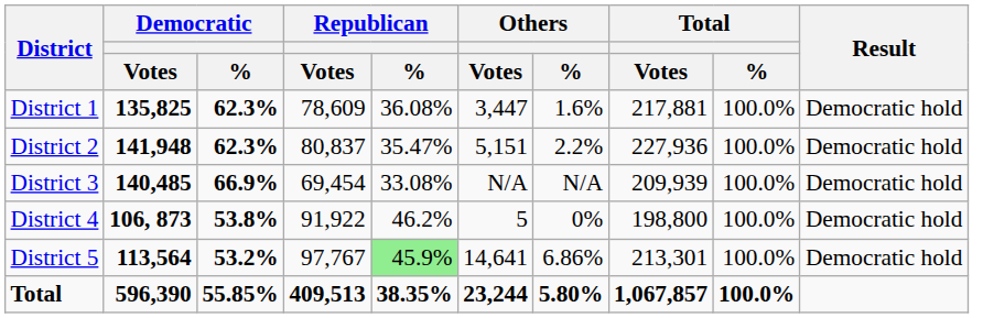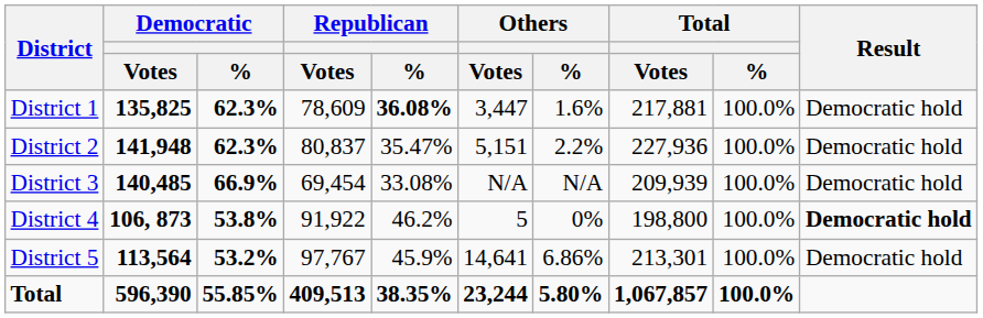 <table class="wikitable plainrowheaders sortable" style="font-size:100%; text-align:right;">
 <tr>
 <th scope=col rowspan=3><a href='#'>District</a></th>
 <th scope=col colspan=2><a href='#'>Democratic</a></th>
 <th scope=col colspan=2><a href='#'>Republican</a></th>
 <th scope=col colspan=2>Others</th>
 <th scope=col colspan=2>Total</th>
 <th scope=col rowspan=3>Result</th>
 </tr>
 <tr>
 <th scope=col colspan=2 style="background:"></th>
 <th scope=col colspan=2 style="background:"></th>
 <th scope=col colspan=2></th>
 <th scope=col colspan=2></th>
 </tr>
 <tr>
 <th scope=col data-sort-type="number">Votes</th>
 <th scope=col data-sort-type="number">%</th>
 <th scope=col data-sort-type="number">Votes</th>
 <th scope=col data-sort-type="number">%</th>
 <th scope=col data-sort-type="number">Votes</th>
 <th scope=col data-sort-type="number">%</th>
 <th scope=col data-sort-type="number">Votes</th>
 <th scope=col data-sort-type="number">%</th>
 </tr>
 <tr>
 <td align=left><a href='#'>District 1</a></td>
 <td><strong>135,825</strong></td>
 <td><strong>62.3%</strong></td>
 <td>78,609</td>
-<td>36.08%</td>
+<td><strong>36.08%</strong></td>
 <td>3,447</td>
 <td>1.6%</td>
 <td>217,881</td>
 <td>100.0%</td>
 <td align=left>Democratic hold</td>
 </tr>
 <tr>
 <td align=left><a href='#'>District 2</a></td>
 <td><strong>141,948</strong></td>
 <td><strong>62.3%</strong></td>
 <td>80,837</td>
 <td>35.47%</td>
 <td>5,151</td>
 <td>2.2%</td>
 <td>227,936</td>
 <td>100.0%</td>
 <td align=left>Democratic hold</td>
 </tr>
 <tr>
 <td align=left><a href='#'>District 3</a></td>
 <td><strong>140,485</strong></td>
 <td><strong>66.9%</strong></td>
 <td>69,454</td>
 <td>33.08%</td>
 <td>N/A</td>
 <td>N/A</td>
 <td>209,939</td>
 <td>100.0%</td>
 <td align=left>Democratic hold</td>
 </tr>
 <tr>
 <td align=left><a href='#'>District 4</a></td>
 <td><strong>106, 873</strong></td>
 <td><strong>53.8%</strong></td>
 <td>91,922</td>
 <td>46.2%</td>
 <td>5</td>
 <td>0%</td>
 <td>198,800</td>
 <td>100.0%</td>
-<td align=left>Democratic hold</td>
+<td align=left><strong>Democratic hold</strong></td>
 </tr>
 <tr>
 <td align=left><a href='#'>District 5</a></td>
 <td><strong>113,564</strong></td>
 <td><strong>53.2%</strong></td>
 <td>97,767</td>
-<td style="background: lightgreen;">45.9%</td>
+<td>45.9%</td>
 <td>14,641</td>
 <td>6.86%</td>
 <td>213,301</td>
 <td>100.0%</td>
 <td align=left>Democratic hold</td>
 </tr>
 <tr class="sortbottom" style="font-weight:bold">
 <td align=left>Total</td>
 <td>596,390</td>
 <td>55.85%</td>
 <td>409,513</td>
 <td>38.35%</td>
 <td>23,244</td>
 <td>5.80%</td>
 <td>1,067,857</td>
 <td>100.0%</td>
 <td></td>
 </tr>
 </table>
